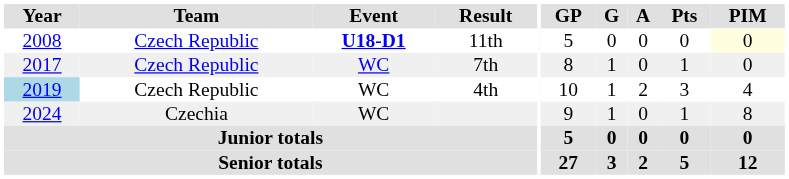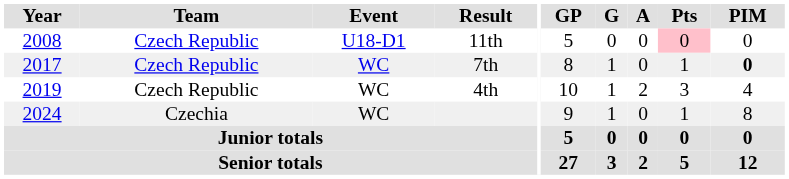 <table border="0" cellpadding="1" cellspacing="0" ID="Table3" style="text-align:center; width:40em">
 <tr ALIGN="center" bgcolor="#e0e0e0">
 <th>Year</th>
 <th>Team</th>
 <th>Event</th>
 <th>Result</th>
 <th rowspan="99" bgcolor="#ffffff"></th>
 <th>GP</th>
 <th>G</th>
 <th>A</th>
 <th>Pts</th>
 <th>PIM</th>
 </tr>
 <tr>
 <td><a href='#'>2008</a></td>
 <td><a href='#'>Czech Republic</a></td>
-<td><strong><a href='#'>U18-D1</a></strong></td>
+<td><a href='#'>U18-D1</a></td>
 <td>11th</td>
 <td>5</td>
 <td>0</td>
 <td>0</td>
+<td style="background: pink;">0</td>
 <td>0</td>
-<td style="background: lightyellow;">0</td>
 </tr>
 <tr bgcolor="#f0f0f0">
 <td><a href='#'>2017</a></td>
 <td><a href='#'>Czech Republic</a></td>
 <td><a href='#'>WC</a></td>
 <td>7th</td>
 <td>8</td>
 <td>1</td>
 <td>0</td>
 <td>1</td>
-<td>0</td>
+<td><strong>0</strong></td>
 </tr>
 <tr>
-<td style="background: lightblue;"><a href='#'>2019</a></td>
+<td><a href='#'>2019</a></td>
 <td>Czech Republic</td>
 <td>WC</td>
 <td>4th</td>
 <td>10</td>
 <td>1</td>
 <td>2</td>
 <td>3</td>
 <td>4</td>
 </tr>
 <tr bgcolor="#f0f0f0">
 <td><a href='#'>2024</a></td>
 <td>Czechia</td>
 <td>WC</td>
 <td></td>
 <td>9</td>
 <td>1</td>
 <td>0</td>
 <td>1</td>
 <td>8</td>
 </tr>
 <tr bgcolor="#e0e0e0">
 <th colspan="4">Junior totals</th>
 <th>5</th>
 <th>0</th>
 <th>0</th>
 <th>0</th>
 <th>0</th>
 </tr>
 <tr bgcolor="#e0e0e0">
 <th colspan="4">Senior totals</th>
 <th>27</th>
 <th>3</th>
 <th>2</th>
 <th>5</th>
 <th>12</th>
 </tr>
 </table>
